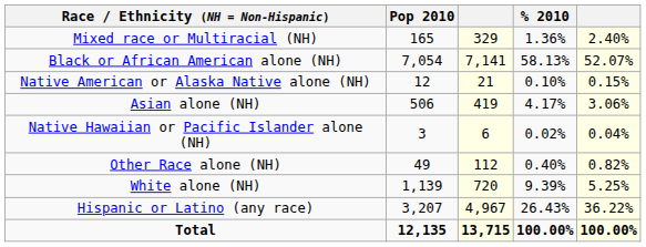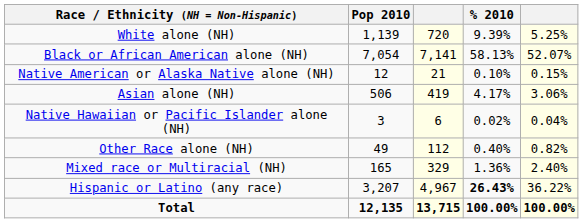 <table class="wikitable" style="text-align:center;">
 <tr>
 <th>Race / Ethnicity <small>(<em>NH = Non-Hispanic</em>)</small></th>
 <th>Pop 2010</th>
 <th></th>
 <th>% 2010</th>
 <th></th>
 </tr>
 <tr>
-<td><a href='#'>Mixed race or Multiracial</a> (NH)</td>
-<td>165</td>
-<td style='background: #ffffe6;'>329</td>
-<td>1.36%</td>
-<td style='background: #ffffe6;'>2.40%</td>
+<td><a href='#'>White</a> alone (NH)</td>
+<td>1,139</td>
+<td style='background: #ffffe6;'>720</td>
+<td>9.39%</td>
+<td style='background: #ffffe6;'>5.25%</td>
 </tr>
 <tr>
 <td><a href='#'>Black or African American</a> alone (NH)</td>
 <td>7,054</td>
 <td style='background: #ffffe6;'>7,141</td>
 <td>58.13%</td>
 <td style='background: #ffffe6;'>52.07%</td>
 </tr>
 <tr>
 <td><a href='#'>Native American</a> or <a href='#'>Alaska Native</a> alone (NH)</td>
 <td>12</td>
 <td style='background: #ffffe6;'>21</td>
 <td>0.10%</td>
 <td style='background: #ffffe6;'>0.15%</td>
 </tr>
 <tr>
 <td><a href='#'>Asian</a> alone (NH)</td>
 <td>506</td>
 <td style='background: #ffffe6;'>419</td>
 <td>4.17%</td>
 <td style='background: #ffffe6;'>3.06%</td>
 </tr>
 <tr>
 <td><a href='#'>Native Hawaiian</a> or <a href='#'>Pacific Islander</a> alone (NH)</td>
 <td>3</td>
 <td style='background: #ffffe6;'>6</td>
 <td>0.02%</td>
 <td style='background: #ffffe6;'>0.04%</td>
 </tr>
 <tr>
 <td><a href='#'>Other Race</a> alone (NH)</td>
 <td>49</td>
 <td style='background: #ffffe6;'>112</td>
 <td>0.40%</td>
 <td style='background: #ffffe6;'>0.82%</td>
 </tr>
 <tr>
-<td><a href='#'>White</a> alone (NH)</td>
-<td>1,139</td>
-<td style='background: #ffffe6;'>720</td>
-<td>9.39%</td>
-<td style='background: #ffffe6;'>5.25%</td>
+<td><a href='#'>Mixed race or Multiracial</a> (NH)</td>
+<td>165</td>
+<td style='background: #ffffe6;'>329</td>
+<td>1.36%</td>
+<td style='background: #ffffe6;'>2.40%</td>
 </tr>
 <tr>
 <td><a href='#'>Hispanic or Latino</a> (any race)</td>
 <td>3,207</td>
 <td style='background: #ffffe6;'>4,967</td>
-<td>26.43%</td>
+<td><strong>26.43%</strong></td>
 <td style='background: #ffffe6;'>36.22%</td>
 </tr>
 <tr>
 <td><strong>Total</strong></td>
 <td><strong>12,135</strong></td>
 <td style='background: #ffffe6;'><strong>13,715</strong></td>
 <td><strong>100.00%</strong></td>
 <td style='background: #ffffe6;'><strong>100.00%</strong></td>
 </tr>
 </table>
